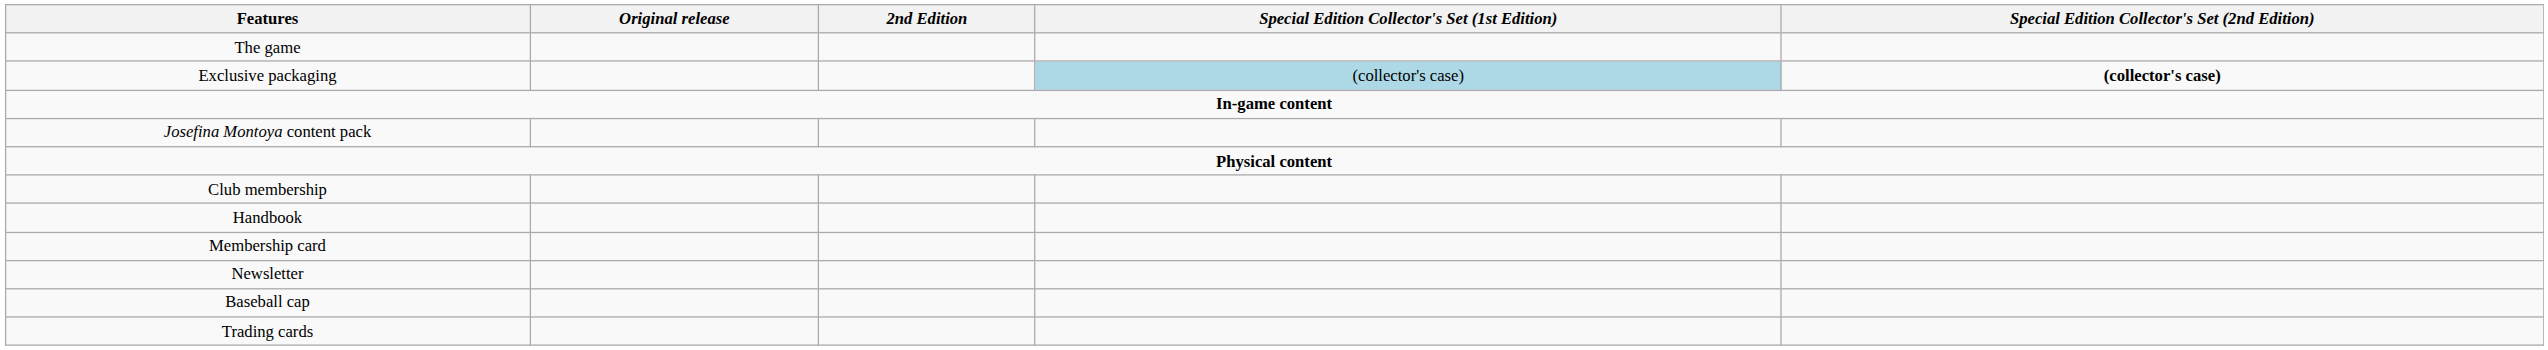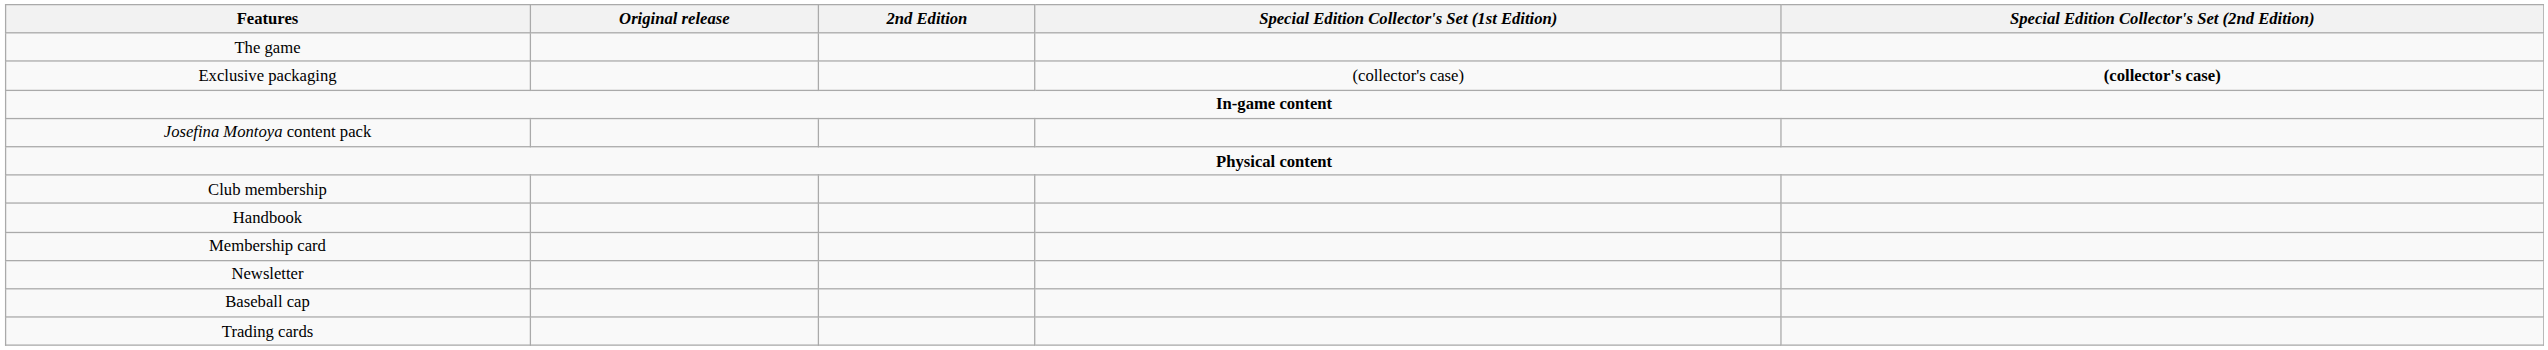 <table class="wikitable sortable" style="font-size:small; margin-right:0; margin-left:0.5em; margin-top:0; text-align:center; width:100%;">
 <tr>
 <th>Features</th>
 <th><em>Original release</em></th>
 <th><em>2nd Edition</em></th>
 <th><em>Special Edition Collector's Set (1st Edition)</em></th>
 <th><em>Special Edition Collector's Set (2nd Edition)</em></th>
 </tr>
 <tr>
 <td>The game</td>
 <td></td>
 <td></td>
 <td></td>
 <td></td>
 </tr>
 <tr>
 <td>Exclusive packaging</td>
 <td></td>
 <td></td>
-<td style="background: lightblue;"> (collector's case)</td>
+<td> (collector's case)</td>
 <td><strong> (collector's case)</strong></td>
 </tr>
 <tr>
 <td colspan="7"><strong>In-game content</strong></td>
 </tr>
 <tr>
 <td><em>Josefina Montoya</em> content pack</td>
 <td></td>
 <td></td>
 <td></td>
 <td></td>
 </tr>
 <tr>
 <td colspan="7"><strong>Physical content</strong></td>
 </tr>
 <tr>
 <td>Club membership</td>
 <td></td>
 <td></td>
 <td></td>
 <td></td>
 </tr>
 <tr>
 <td>Handbook</td>
 <td></td>
 <td></td>
 <td></td>
 <td></td>
 </tr>
 <tr>
 <td>Membership card</td>
 <td></td>
 <td></td>
 <td></td>
 <td></td>
 </tr>
 <tr>
 <td>Newsletter</td>
 <td></td>
 <td></td>
 <td></td>
 <td></td>
 </tr>
 <tr>
 <td>Baseball cap</td>
 <td></td>
 <td></td>
 <td></td>
 <td></td>
 </tr>
 <tr>
 <td>Trading cards</td>
 <td></td>
 <td></td>
 <td></td>
 <td></td>
 </tr>
 </table>
